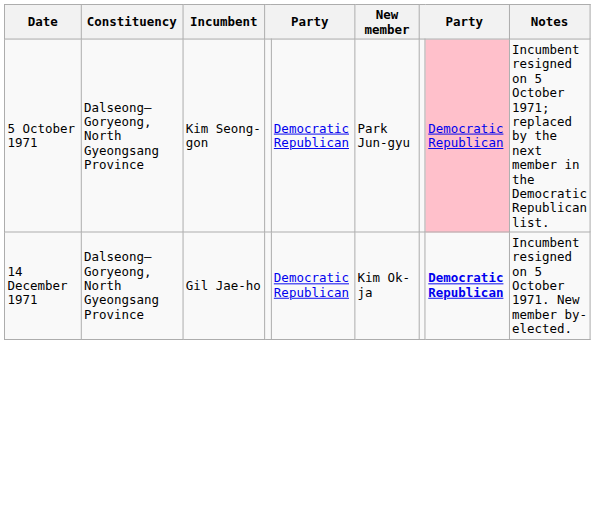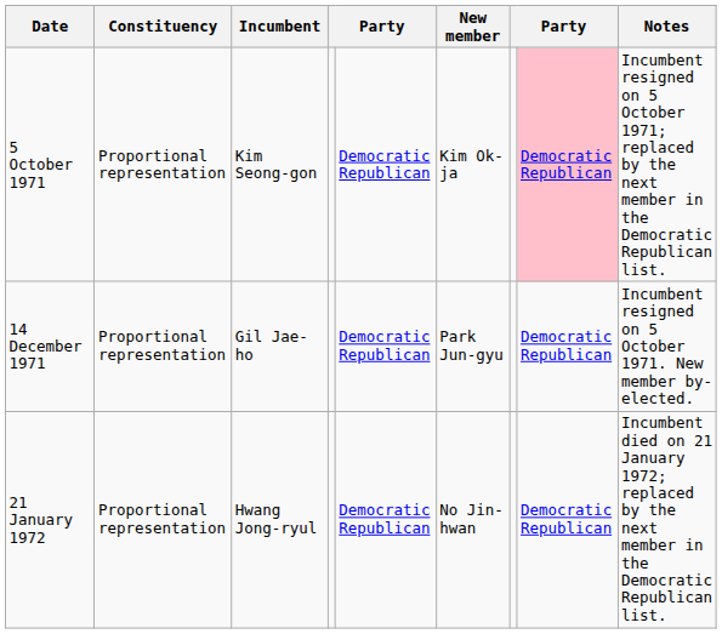 <table class="wikitable sortable plainrowheaders">
 <tr>
 <th width="110px">Date</th>
 <th width="120px">Constituency</th>
 <th width="110px">Incumbent</th>
 <th colspan="2">Party</th>
 <th width="110px">New member</th>
 <th colspan="2">Party</th>
 <th class="unsortable">Notes</th>
 </tr>
 <tr>
 <td>5 October 1971</td>
-<td>Dalseong–Goryeong, North Gyeongsang Province</td>
+<td>Proportional representation</td>
 <td>Kim Seong-gon</td>
 <td></td>
 <td width="90px"><a href='#'>Democratic Republican</a></td>
-<td>Park Jun-gyu</td>
+<td>Kim Ok-ja</td>
 <td></td>
 <td width="90px" style="background: pink;"><a href='#'>Democratic Republican</a></td>
 <td>Incumbent resigned on 5 October 1971; replaced by the next member in the Democratic Republican list.</td>
 </tr>
 <tr>
 <td>14 December 1971</td>
-<td>Dalseong–Goryeong, North Gyeongsang Province</td>
+<td>Proportional representation</td>
 <td>Gil Jae-ho</td>
 <td></td>
 <td><a href='#'>Democratic Republican</a></td>
-<td>Kim Ok-ja</td>
+<td>Park Jun-gyu</td>
 <td></td>
-<td><strong><a href='#'>Democratic Republican</a></strong></td>
+<td><a href='#'>Democratic Republican</a></td>
 <td>Incumbent resigned on 5 October 1971. New member by-elected.</td>
 </tr>
+<tr>
+<td>21 January 1972</td>
+<td>Proportional representation</td>
+<td>Hwang Jong-ryul</td>
+<td></td>
+<td><a href='#'>Democratic Republican</a></td>
+<td>No Jin-hwan</td>
+<td></td>
+<td><a href='#'>Democratic Republican</a></td>
+<td>Incumbent died on 21 January 1972; replaced by the next member in the Democratic Republican list.</td>
+</tr>
 </table>
